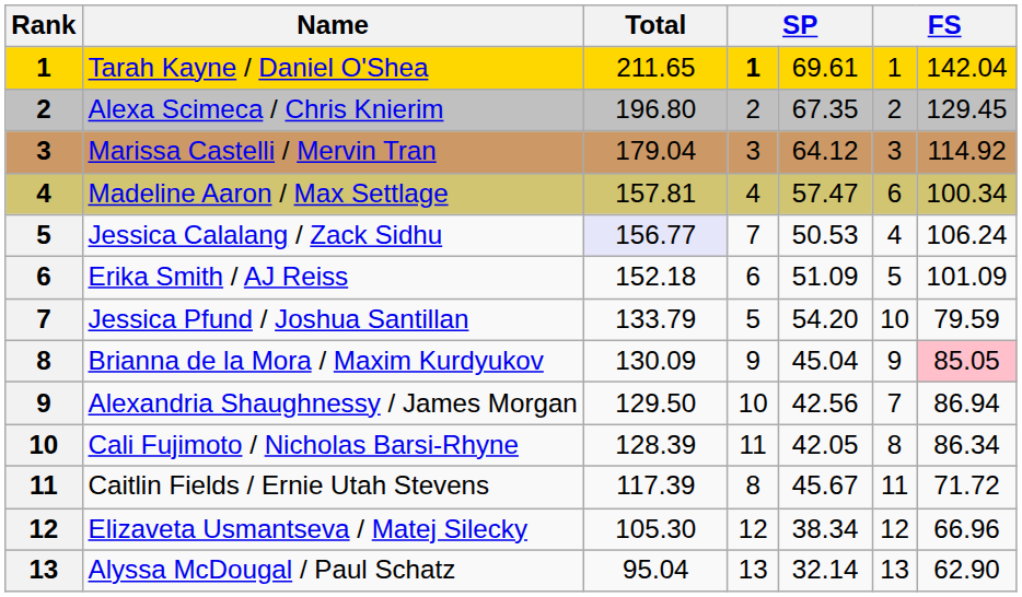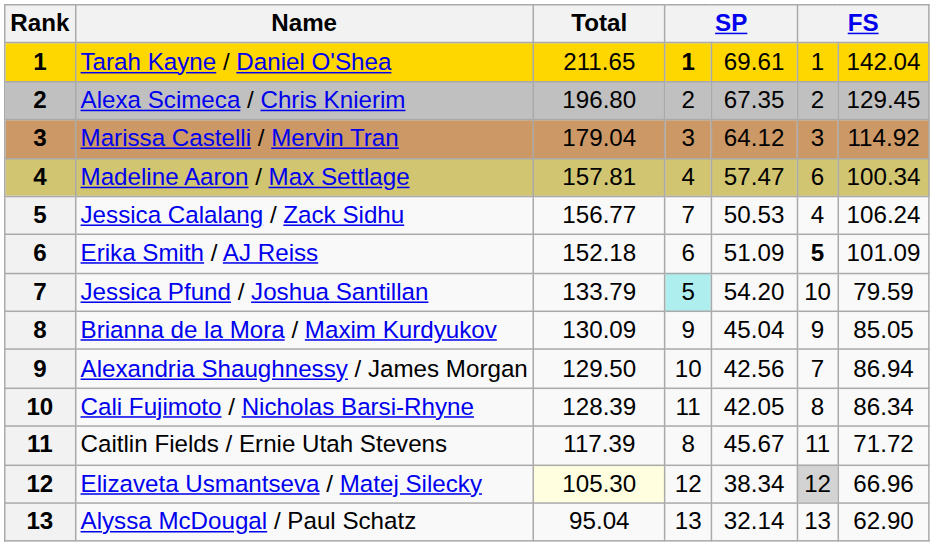 <table class="wikitable sortable">
 <tr>
 <th>Rank</th>
 <th>Name</th>
 <th width="80px">Total</th>
 <th colspan="2" width="80px"><a href='#'>SP</a></th>
 <th colspan="2" width="80px"><a href='#'>FS</a></th>
 </tr>
 <tr bgcolor="gold">
 <td align="center"><strong>1</strong></td>
 <td><a href='#'>Tarah Kayne</a> / <a href='#'>Daniel O'Shea</a></td>
 <td align="center">211.65</td>
 <td align="center"><strong>1</strong></td>
 <td align="center">69.61</td>
 <td align="center">1</td>
 <td align="center">142.04</td>
 </tr>
 <tr bgcolor="silver">
 <td align="center"><strong>2</strong></td>
 <td><a href='#'>Alexa Scimeca</a> / <a href='#'>Chris Knierim</a></td>
 <td align="center">196.80</td>
 <td align="center">2</td>
 <td align="center">67.35</td>
 <td align="center">2</td>
 <td align="center">129.45</td>
 </tr>
 <tr bgcolor="cc9966">
 <td align="center"><strong>3</strong></td>
 <td><a href='#'>Marissa Castelli</a> / <a href='#'>Mervin Tran</a></td>
 <td align="center">179.04</td>
 <td align="center">3</td>
 <td align="center">64.12</td>
 <td align="center">3</td>
 <td align="center">114.92</td>
 </tr>
 <tr bgcolor="#d1c571">
 <td align="center"><strong>4</strong></td>
 <td><a href='#'>Madeline Aaron</a> / <a href='#'>Max Settlage</a></td>
 <td align="center">157.81</td>
 <td align="center">4</td>
 <td align="center">57.47</td>
 <td align="center">6</td>
 <td align="center">100.34</td>
 </tr>
 <tr>
 <th>5</th>
 <td><a href='#'>Jessica Calalang</a> / <a href='#'>Zack Sidhu</a></td>
-<td align="center" style="background: lavender;">156.77</td>
+<td align="center">156.77</td>
 <td align="center">7</td>
 <td align="center">50.53</td>
 <td align="center">4</td>
 <td align="center">106.24</td>
 </tr>
 <tr>
 <th>6</th>
 <td><a href='#'>Erika Smith</a> / <a href='#'>AJ Reiss</a></td>
 <td align="center">152.18</td>
 <td align="center">6</td>
 <td align="center">51.09</td>
-<td align="center">5</td>
+<td align="center"><strong>5</strong></td>
 <td align="center">101.09</td>
 </tr>
 <tr>
 <th>7</th>
 <td><a href='#'>Jessica Pfund</a> / <a href='#'>Joshua Santillan</a></td>
 <td align="center">133.79</td>
-<td align="center">5</td>
+<td align="center" style="background: paleturquoise;">5</td>
 <td align="center">54.20</td>
 <td align="center">10</td>
 <td align="center">79.59</td>
 </tr>
 <tr>
 <th>8</th>
 <td><a href='#'>Brianna de la Mora</a> / <a href='#'>Maxim Kurdyukov</a></td>
 <td align="center">130.09</td>
 <td align="center">9</td>
 <td align="center">45.04</td>
 <td align="center">9</td>
-<td align="center" style="background: pink;">85.05</td>
+<td align="center">85.05</td>
 </tr>
 <tr>
 <th>9</th>
 <td><a href='#'>Alexandria Shaughnessy</a> / James Morgan</td>
 <td align="center">129.50</td>
 <td align="center">10</td>
 <td align="center">42.56</td>
 <td align="center">7</td>
 <td align="center">86.94</td>
 </tr>
 <tr>
 <th>10</th>
 <td><a href='#'>Cali Fujimoto</a> / <a href='#'>Nicholas Barsi-Rhyne</a></td>
 <td align="center">128.39</td>
 <td align="center">11</td>
 <td align="center">42.05</td>
 <td align="center">8</td>
 <td align="center">86.34</td>
 </tr>
 <tr>
 <th>11</th>
 <td>Caitlin Fields / Ernie Utah Stevens</td>
 <td align="center">117.39</td>
 <td align="center">8</td>
 <td align="center">45.67</td>
 <td align="center">11</td>
 <td align="center">71.72</td>
 </tr>
 <tr>
 <th>12</th>
 <td><a href='#'>Elizaveta Usmantseva</a> / <a href='#'>Matej Silecky</a></td>
-<td align="center">105.30</td>
+<td align="center" style="background: lightyellow;">105.30</td>
 <td align="center">12</td>
 <td align="center">38.34</td>
-<td align="center">12</td>
+<td align="center" style="background: lightgrey;">12</td>
 <td align="center">66.96</td>
 </tr>
 <tr>
 <th>13</th>
 <td><a href='#'>Alyssa McDougal</a> / Paul Schatz</td>
 <td align="center">95.04</td>
 <td align="center">13</td>
 <td align="center">32.14</td>
 <td align="center">13</td>
 <td align="center">62.90</td>
 </tr>
 </table>
